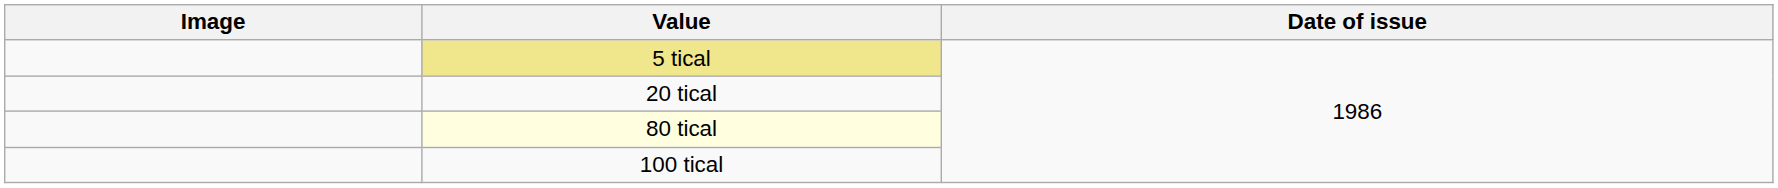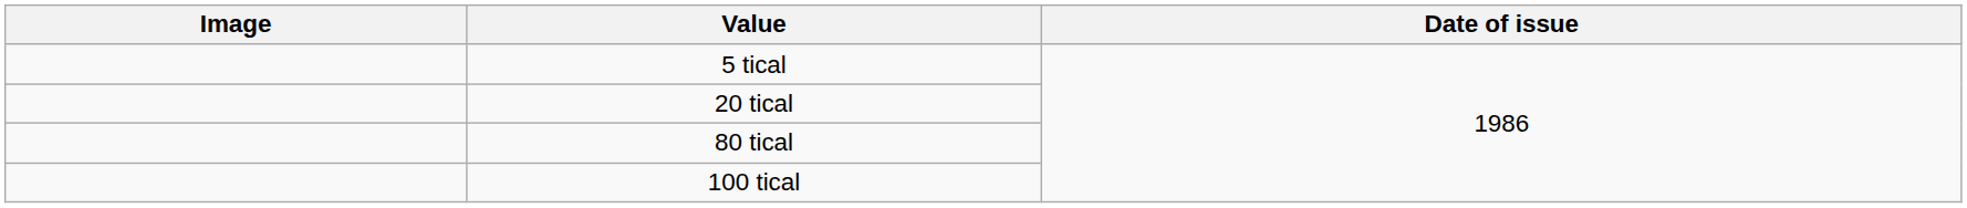 <table class="wikitable" style="width:100%; text-align: center">
 <tr>
 <th>Image</th>
 <th>Value</th>
 <th>Date of issue</th>
 </tr>
 <tr>
 <td></td>
-<td style="background: khaki;">5 tical</td>
+<td>5 tical</td>
 <td rowspan="4">1986</td>
 </tr>
 <tr>
 <td></td>
 <td>20 tical</td>
 </tr>
 <tr>
 <td></td>
-<td style="background: lightyellow;">80 tical</td>
+<td>80 tical</td>
 </tr>
 <tr>
 <td></td>
 <td>100 tical</td>
 </tr>
 </table>
